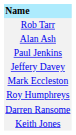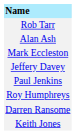 <table border=0 cellpadding=2 cellspacing=0  |- bgcolor=#F2F2F2 style="text-align:center; font-size:90%;">
 <tr bgcolor=#ADEBFD>
 <th align=left>Name</th>
 </tr>
 <tr>
 <td><a href='#'>Rob Tarr</a></td>
 </tr>
 <tr>
 <td><a href='#'>Alan Ash</a></td>
 </tr>
 <tr>
-<td><a href='#'>Paul Jenkins</a></td>
+<td><a href='#'>Mark Eccleston</a></td>
 </tr>
 <tr>
 <td><a href='#'>Jeffery Davey</a></td>
 </tr>
 <tr>
-<td><a href='#'>Mark Eccleston</a></td>
+<td><a href='#'>Paul Jenkins</a></td>
 </tr>
 <tr>
 <td><a href='#'>Roy Humphreys</a></td>
 </tr>
 <tr>
 <td><a href='#'>Darren Ransome</a></td>
 </tr>
 <tr>
 <td><a href='#'>Keith Jones</a></td>
 </tr>
 </table>
